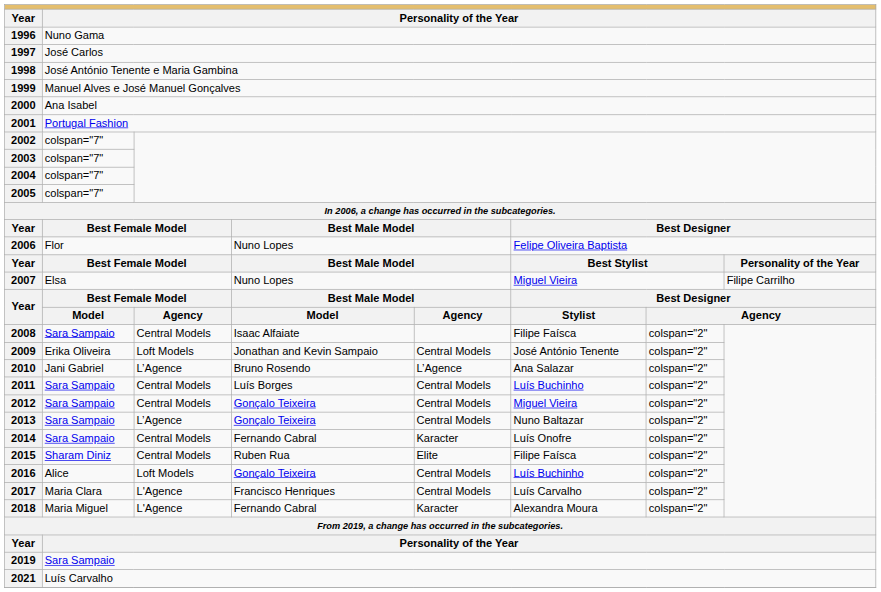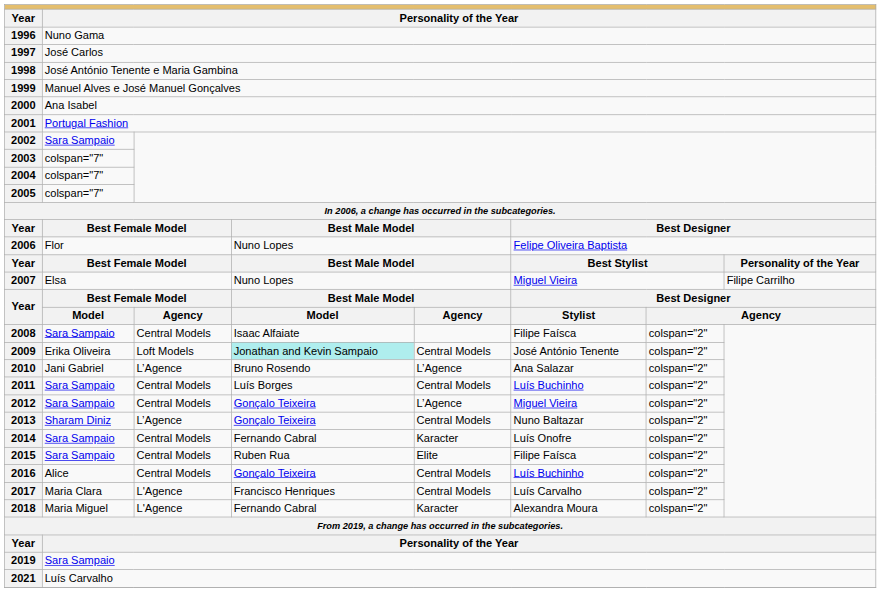 <table class="wikitable sortable" width="100%">
 <tr>
 <td colspan="8" bgcolor="#e4be6d"></td>
 </tr>
 <tr>
 <th colspan="1" style="padding: 0 5px;">Year</th>
 <th colspan="7">Personality of the Year</th>
 </tr>
 <tr>
 <th>1996</th>
 <td colspan="7">Nuno Gama</td>
 </tr>
 <tr>
 <th>1997</th>
 <td colspan="7">José Carlos</td>
 </tr>
 <tr>
 <th>1998</th>
 <td colspan="7">José António Tenente e Maria Gambina</td>
 </tr>
 <tr>
 <th>1999</th>
 <td colspan="7">Manuel Alves e José Manuel Gonçalves</td>
 </tr>
 <tr>
 <th>2000</th>
 <td colspan="7">Ana Isabel</td>
 </tr>
 <tr>
 <th>2001</th>
 <td colspan="7"><a href='#'>Portugal Fashion</a></td>
 </tr>
 <tr>
 <th>2002</th>
-<td>colspan="7" </td>
+<td><a href='#'>Sara Sampaio</a></td>
 </tr>
 <tr>
 <th>2003</th>
 <td>colspan="7" </td>
 </tr>
 <tr>
 <th>2004</th>
 <td>colspan="7" </td>
 </tr>
 <tr>
 <th>2005</th>
 <td>colspan="7" </td>
 </tr>
 <tr>
 <th colspan="8"><em><small>In 2006, a change has occurred in the subcategories.</small></em></th>
 </tr>
 <tr>
 <th>Year</th>
 <th colspan="2">Best Female Model</th>
 <th colspan="2">Best Male Model</th>
 <th colspan="3">Best Designer</th>
 </tr>
 <tr>
 <th>2006</th>
 <td colspan="2">Flor</td>
 <td colspan="2">Nuno Lopes</td>
 <td colspan="3"><a href='#'>Felipe Oliveira Baptista</a></td>
 </tr>
 <tr>
 <th>Year</th>
 <th colspan="2">Best Female Model</th>
 <th colspan="2">Best Male Model</th>
 <th colspan="2">Best Stylist</th>
 <th><strong>Personality of the Year</strong></th>
 </tr>
 <tr>
 <th>2007</th>
 <td colspan="2">Elsa</td>
 <td colspan="2">Nuno Lopes</td>
 <td colspan="2"><a href='#'>Miguel Vieira</a></td>
 <td>Filipe Carrilho</td>
 </tr>
 <tr>
 <th rowspan="2">Year</th>
 <th colspan="2">Best Female Model</th>
 <th colspan="2">Best Male Model</th>
 <th colspan="3">Best Designer</th>
 </tr>
 <tr>
 <th>Model</th>
 <th>Agency</th>
 <th>Model</th>
 <th>Agency</th>
 <th>Stylist</th>
 <th colspan="2">Agency</th>
 </tr>
 <tr>
 <th>2008</th>
 <td><a href='#'>Sara Sampaio</a></td>
 <td>Central Models</td>
 <td>Isaac Alfaiate</td>
 <td></td>
 <td>Filipe Faísca</td>
 <td>colspan="2" </td>
 </tr>
 <tr>
 <th>2009</th>
 <td>Erika Oliveira</td>
 <td>Loft Models</td>
-<td>Jonathan and Kevin Sampaio</td>
+<td style="background: paleturquoise;">Jonathan and Kevin Sampaio</td>
 <td>Central Models</td>
 <td>José António Tenente</td>
 <td>colspan="2" </td>
 </tr>
 <tr>
 <th>2010</th>
 <td>Jani Gabriel</td>
 <td>L’Agence</td>
 <td>Bruno Rosendo</td>
 <td>L’Agence</td>
 <td>Ana Salazar</td>
 <td>colspan="2" </td>
 </tr>
 <tr>
 <th>2011</th>
 <td><a href='#'>Sara Sampaio</a></td>
 <td>Central Models</td>
 <td>Luís Borges</td>
 <td>Central Models</td>
 <td><a href='#'>Luís Buchinho</a></td>
 <td>colspan="2" </td>
 </tr>
 <tr>
 <th>2012</th>
 <td><a href='#'>Sara Sampaio</a></td>
 <td>Central Models</td>
 <td><a href='#'>Gonçalo Teixeira</a></td>
-<td>Central Models</td>
+<td>L’Agence</td>
 <td><a href='#'>Miguel Vieira</a></td>
 <td>colspan="2" </td>
 </tr>
 <tr>
 <th>2013</th>
-<td><a href='#'>Sara Sampaio</a></td>
+<td><a href='#'>Sharam Diniz</a></td>
 <td>L’Agence</td>
 <td><a href='#'>Gonçalo Teixeira</a></td>
 <td>Central Models</td>
 <td>Nuno Baltazar</td>
 <td>colspan="2" </td>
 </tr>
 <tr>
 <th>2014</th>
 <td><a href='#'>Sara Sampaio</a></td>
 <td>Central Models</td>
 <td>Fernando Cabral</td>
 <td>Karacter</td>
 <td>Luís Onofre</td>
 <td>colspan="2" </td>
 </tr>
 <tr>
 <th>2015</th>
-<td><a href='#'>Sharam Diniz</a></td>
+<td><a href='#'>Sara Sampaio</a></td>
 <td>Central Models</td>
 <td>Ruben Rua</td>
 <td>Elite</td>
 <td>Filipe Faísca</td>
 <td>colspan="2" </td>
 </tr>
 <tr>
 <th>2016</th>
 <td>Alice</td>
-<td>Loft Models</td>
+<td>Central Models</td>
 <td><a href='#'>Gonçalo Teixeira</a></td>
 <td>Central Models</td>
 <td><a href='#'>Luís Buchinho</a></td>
 <td>colspan="2" </td>
 </tr>
 <tr>
 <th>2017</th>
 <td>Maria Clara</td>
 <td>L'Agence</td>
 <td>Francisco Henriques</td>
 <td>Central Models</td>
 <td>Luís Carvalho</td>
 <td>colspan="2" </td>
 </tr>
 <tr>
 <th>2018</th>
 <td>Maria Miguel</td>
 <td>L'Agence</td>
 <td>Fernando Cabral</td>
 <td>Karacter</td>
 <td>Alexandra Moura</td>
 <td>colspan="2" </td>
 </tr>
 <tr>
 <th colspan="8"><em><small>From 2019, a change has occurred in the subcategories.</small></em></th>
 </tr>
 <tr>
 <th colspan="1">Year</th>
 <th colspan="7">Personality of the Year</th>
 </tr>
 <tr>
 <th>2019</th>
 <td colspan="7"><a href='#'>Sara Sampaio</a></td>
 </tr>
 <tr>
 <th>2021</th>
 <td colspan="7">Luís Carvalho</td>
 </tr>
 <tr>
 </tr>
 </table>
